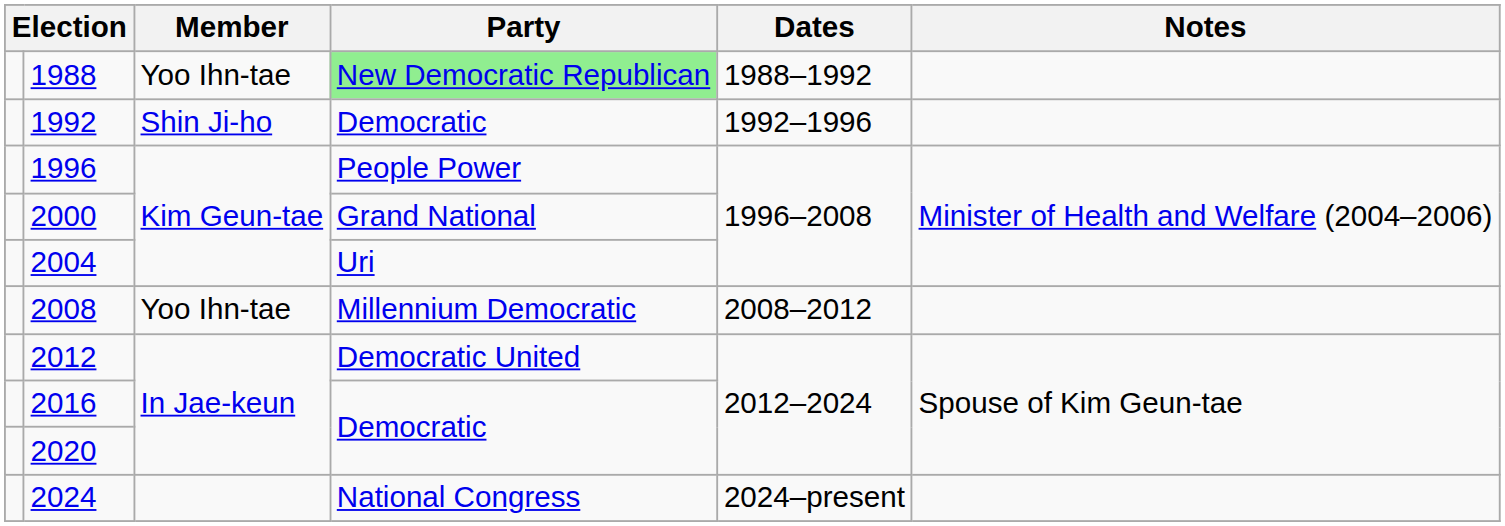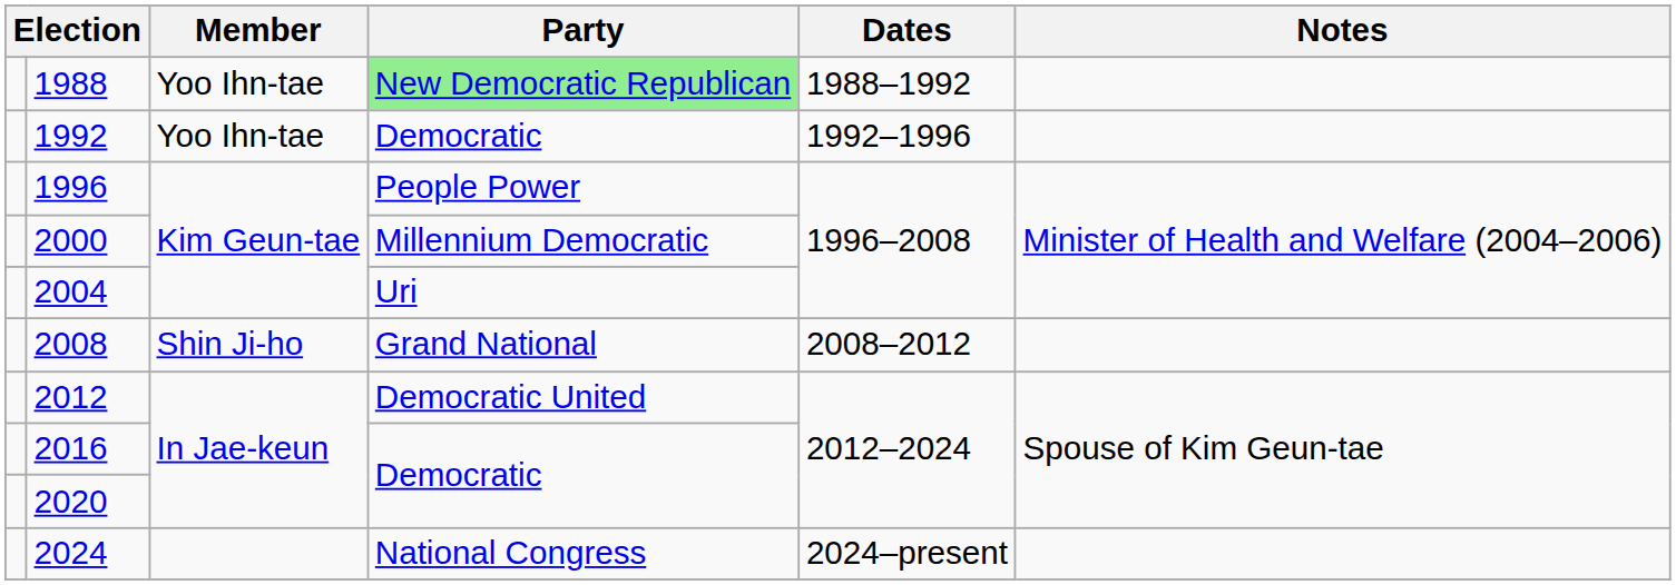 <table class="wikitable">
 <tr>
 <th colspan="2">Election</th>
 <th>Member</th>
 <th>Party</th>
 <th>Dates</th>
 <th>Notes</th>
 </tr>
 <tr>
 <td></td>
 <td><a href='#'>1988</a></td>
 <td>Yoo Ihn-tae</td>
 <td style="background: lightgreen;"><a href='#'>New Democratic Republican</a></td>
 <td>1988–1992</td>
 <td></td>
 </tr>
 <tr>
 <td></td>
 <td><a href='#'>1992</a></td>
-<td><a href='#'>Shin Ji-ho</a></td>
+<td>Yoo Ihn-tae</td>
 <td><a href='#'>Democratic</a></td>
 <td>1992–1996</td>
 <td></td>
 </tr>
 <tr>
 <td></td>
 <td><a href='#'>1996</a></td>
 <td rowspan="3"><a href='#'>Kim Geun-tae</a></td>
 <td><a href='#'>People Power</a></td>
 <td rowspan="3">1996–2008</td>
 <td rowspan="3"><a href='#'>Minister of Health and Welfare</a> (2004–2006)</td>
 </tr>
 <tr>
 <td></td>
 <td><a href='#'>2000</a></td>
-<td><a href='#'>Grand National</a></td>
+<td><a href='#'>Millennium Democratic</a></td>
 </tr>
 <tr>
 <td></td>
 <td><a href='#'>2004</a></td>
 <td><a href='#'>Uri</a></td>
 </tr>
 <tr>
 <td></td>
 <td><a href='#'>2008</a></td>
-<td>Yoo Ihn-tae</td>
-<td><a href='#'>Millennium Democratic</a></td>
+<td><a href='#'>Shin Ji-ho</a></td>
+<td><a href='#'>Grand National</a></td>
 <td>2008–2012</td>
 <td></td>
 </tr>
 <tr>
 <td></td>
 <td><a href='#'>2012</a></td>
 <td rowspan="3"><a href='#'>In Jae-keun</a></td>
 <td><a href='#'>Democratic United</a></td>
 <td rowspan="3">2012–2024</td>
 <td rowspan="3">Spouse of Kim Geun-tae</td>
 </tr>
 <tr>
 <td></td>
 <td><a href='#'>2016</a></td>
 <td rowspan="2"><a href='#'>Democratic</a></td>
 </tr>
 <tr>
 <td></td>
 <td><a href='#'>2020</a></td>
 </tr>
 <tr>
 <td></td>
 <td><a href='#'>2024</a></td>
 <td></td>
 <td><a href='#'>National Congress</a></td>
 <td>2024–present</td>
 <td></td>
 </tr>
 </table>
